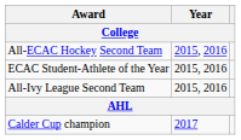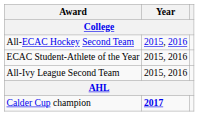 <table class="wikitable">
 <tr>
 <th>Award</th>
 <th>Year</th>
 <th></th>
 </tr>
 <tr>
 <th colspan="3"><a href='#'>College</a></th>
 </tr>
 <tr>
 <td>All-<a href='#'>ECAC Hockey</a> <a href='#'>Second Team</a></td>
 <td><a href='#'>2015</a>, <a href='#'>2016</a></td>
 <td></td>
 </tr>
 <tr>
 <td>ECAC Student-Athlete of the Year</td>
 <td>2015, 2016</td>
 <td></td>
 </tr>
 <tr>
 <td>All-Ivy League Second Team</td>
 <td>2015, 2016</td>
 <td></td>
 </tr>
 <tr>
 <th colspan="3"><a href='#'>AHL</a></th>
 </tr>
 <tr>
 <td><a href='#'>Calder Cup</a> champion</td>
-<td><a href='#'>2017</a></td>
+<td><strong><a href='#'>2017</a></strong></td>
 <td></td>
 </tr>
 </table>
